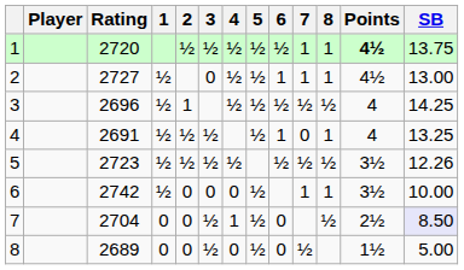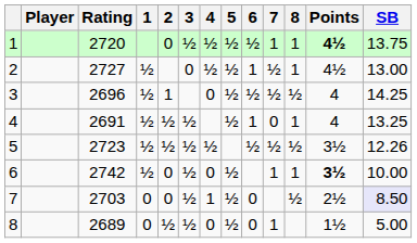 <table class="wikitable" style="text-align: center;">
 <tr>
 <th></th>
 <th>Player</th>
 <th>Rating</th>
 <th>1</th>
 <th>2</th>
 <th>3</th>
 <th>4</th>
 <th>5</th>
 <th>6</th>
 <th>7</th>
 <th>8</th>
 <th>Points</th>
 <th><a href='#'>SB</a></th>
 </tr>
 <tr style="background:#ccffcc">
 <td>1</td>
 <td align="left"><strong></strong></td>
 <td>2720</td>
 <td></td>
-<td>½</td>
+<td>0</td>
 <td>½</td>
 <td>½</td>
 <td>½</td>
 <td>½</td>
 <td>1</td>
 <td>1</td>
 <td><strong>4½</strong></td>
 <td align="right">13.75</td>
 </tr>
 <tr>
 <td>2</td>
 <td align="left"></td>
 <td>2727</td>
 <td>½</td>
 <td></td>
 <td>0</td>
 <td>½</td>
 <td>½</td>
 <td>1</td>
-<td>1</td>
+<td>½</td>
 <td>1</td>
 <td>4½</td>
 <td align="right">13.00</td>
 </tr>
 <tr>
 <td>3</td>
 <td align="left"></td>
 <td>2696</td>
 <td>½</td>
 <td>1</td>
 <td></td>
-<td>½</td>
+<td>0</td>
 <td>½</td>
 <td>½</td>
 <td>½</td>
 <td>½</td>
 <td>4</td>
 <td align="right">14.25</td>
 </tr>
 <tr>
 <td>4</td>
 <td align="left"></td>
 <td>2691</td>
 <td>½</td>
 <td>½</td>
 <td>½</td>
 <td></td>
 <td>½</td>
 <td>1</td>
 <td>0</td>
 <td>1</td>
 <td>4</td>
 <td align="right">13.25</td>
 </tr>
 <tr>
 <td>5</td>
 <td align="left"></td>
 <td>2723</td>
 <td>½</td>
 <td>½</td>
 <td>½</td>
 <td>½</td>
 <td></td>
 <td>½</td>
 <td>½</td>
 <td>½</td>
 <td>3½</td>
 <td align="right">12.26</td>
 </tr>
 <tr>
 <td>6</td>
 <td align="left"></td>
 <td>2742</td>
 <td>½</td>
 <td>0</td>
-<td>0</td>
+<td>½</td>
 <td>0</td>
 <td>½</td>
 <td></td>
 <td>1</td>
 <td>1</td>
-<td>3½</td>
+<td><strong>3½</strong></td>
 <td align="right">10.00</td>
 </tr>
 <tr>
 <td>7</td>
 <td align="left"></td>
-<td>2704</td>
+<td>2703</td>
 <td>0</td>
 <td>0</td>
 <td>½</td>
 <td>1</td>
 <td>½</td>
 <td>0</td>
 <td></td>
 <td>½</td>
 <td>2½</td>
 <td align="right" style="background: lavender;">8.50</td>
 </tr>
 <tr>
 <td>8</td>
 <td align="left"></td>
 <td>2689</td>
 <td>0</td>
-<td>0</td>
+<td>½</td>
 <td>½</td>
 <td>0</td>
 <td>½</td>
 <td>0</td>
-<td>½</td>
+<td>1</td>
 <td></td>
 <td>1½</td>
 <td align="right">5.00</td>
 </tr>
 </table>
